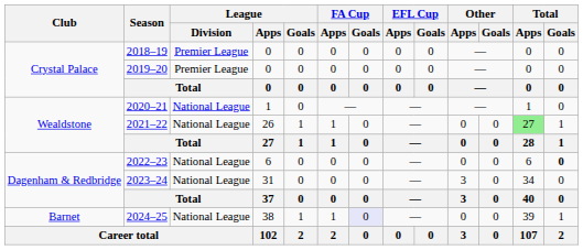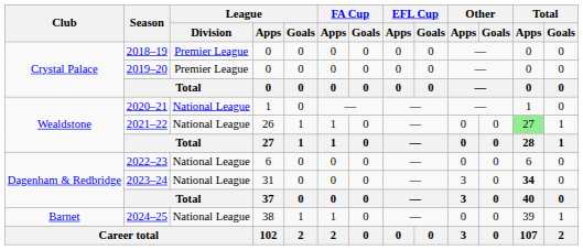 <table class="wikitable" style="text-align: center;">
 <tr>
 <th rowspan="2">Club</th>
 <th rowspan="2">Season</th>
 <th colspan="3">League</th>
 <th colspan="2"><a href='#'>FA Cup</a></th>
 <th colspan="2"><a href='#'>EFL Cup</a></th>
 <th colspan="2">Other</th>
 <th colspan="2">Total</th>
 </tr>
 <tr>
 <th>Division</th>
 <th>Apps</th>
 <th>Goals</th>
 <th>Apps</th>
 <th>Goals</th>
 <th>Apps</th>
 <th>Goals</th>
 <th>Apps</th>
 <th>Goals</th>
 <th>Apps</th>
 <th>Goals</th>
 </tr>
 <tr>
 <td rowspan="3"><a href='#'>Crystal Palace</a></td>
 <td><a href='#'>2018–19</a></td>
 <td><a href='#'>Premier League</a></td>
 <td>0</td>
 <td>0</td>
 <td>0</td>
 <td>0</td>
 <td>0</td>
 <td>0</td>
 <td colspan="2">―</td>
 <td>0</td>
 <td>0</td>
 </tr>
 <tr>
 <td><a href='#'>2019–20</a></td>
 <td>Premier League</td>
 <td>0</td>
 <td>0</td>
 <td>0</td>
 <td>0</td>
 <td>0</td>
 <td>0</td>
 <td colspan="2">―</td>
 <td>0</td>
 <td>0</td>
 </tr>
 <tr>
 <th colspan="2">Total</th>
 <th>0</th>
 <th>0</th>
 <th>0</th>
 <th>0</th>
 <th>0</th>
 <th>0</th>
 <th colspan="2">―</th>
 <th>0</th>
 <th>0</th>
 </tr>
 <tr>
 <td rowspan="3"><a href='#'>Wealdstone</a></td>
 <td><a href='#'>2020–21</a></td>
 <td><a href='#'>National League</a></td>
 <td>1</td>
 <td>0</td>
 <td colspan="2">―</td>
 <td colspan="2">―</td>
 <td colspan="2">―</td>
 <td>1</td>
 <td>0</td>
 </tr>
 <tr>
 <td><a href='#'>2021–22</a></td>
 <td>National League</td>
 <td>26</td>
 <td>1</td>
 <td>1</td>
 <td>0</td>
 <td colspan="2">―</td>
 <td>0</td>
 <td>0</td>
 <td style="background: lightgreen;">27</td>
 <td>1</td>
 </tr>
 <tr>
 <th colspan="2">Total</th>
 <th>27</th>
 <th>1</th>
 <th>1</th>
 <th>0</th>
 <th colspan="2">―</th>
 <th>0</th>
 <th>0</th>
 <th>28</th>
 <th>1</th>
 </tr>
 <tr>
 <td rowspan="3"><a href='#'>Dagenham & Redbridge</a></td>
 <td><a href='#'>2022–23</a></td>
 <td>National League</td>
 <td>6</td>
 <td>0</td>
 <td>0</td>
 <td>0</td>
 <td colspan="2">―</td>
 <td>0</td>
 <td>0</td>
 <td>6</td>
-<td><strong>0</strong></td>
+<td>0</td>
 </tr>
 <tr>
 <td><a href='#'>2023–24</a></td>
 <td>National League</td>
 <td>31</td>
 <td>0</td>
 <td>0</td>
 <td>0</td>
 <td colspan="2">―</td>
 <td>3</td>
 <td>0</td>
-<td>34</td>
+<td><strong>34</strong></td>
 <td>0</td>
 </tr>
 <tr>
 <th colspan="2">Total</th>
 <th>37</th>
 <th>0</th>
 <th>0</th>
 <th>0</th>
 <th colspan="2">―</th>
 <th>3</th>
 <th>0</th>
 <th>40</th>
 <th>0</th>
 </tr>
 <tr>
 <td><a href='#'>Barnet</a></td>
 <td><a href='#'>2024–25</a></td>
 <td>National League</td>
 <td>38</td>
 <td>1</td>
 <td>1</td>
-<td style="background: lavender;">0</td>
+<td>0</td>
 <td colspan="2">―</td>
 <td>0</td>
 <td>0</td>
 <td>39</td>
 <td>1</td>
 </tr>
 <tr>
 <th colspan="3">Career total</th>
 <th>102</th>
 <th>2</th>
 <th>2</th>
 <th>0</th>
 <th>0</th>
 <th>0</th>
 <th>3</th>
 <th>0</th>
 <th>107</th>
 <th>2</th>
 </tr>
 </table>
